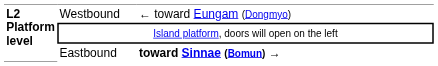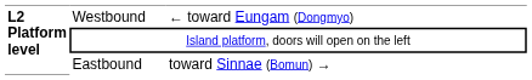 <table table border=0 cellspacing=0 cellpadding=3>
 <tr>
 <td style="border-top:solid 1px gray;border-bottom:solid 1px gray;" width=50 rowspan=10 valign=top><strong>L2<br>Platform level</strong></td>
 <td style="border-bottom:solid 0px gray;border-top:solid 1px gray;" width=100>Westbound</td>
 <td style="border-bottom:solid 0px gray;border-top:solid 1px gray;" width=390>←  toward <a href='#'>Eungam</a> <small>(<a href='#'>Dongmyo</a>)</small></td>
 </tr>
 <tr>
 <td style="border-top:solid 2px black;border-right:solid 2px black;border-left:solid 2px black;border-bottom:solid 2px black;text-align:center;" colspan=2><small><a href='#'>Island platform</a>, doors will open on the left </small></td>
 </tr>
 <tr>
 <td>Eastbound</td>
-<td><strong>  toward <a href='#'>Sinnae</a> <small>(<a href='#'>Bomun</a>)</small> →</strong></td>
+<td>  toward <a href='#'>Sinnae</a> <small>(<a href='#'>Bomun</a>)</small> →</td>
 </tr>
 </table>
